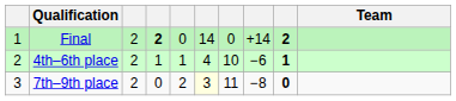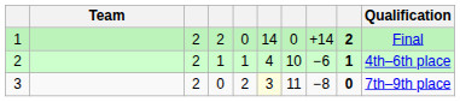 <table class="wikitable" style="text-align:center;">
 <tr>
 <th width=20></th>
-<th width=95>Qualification</th>
+<th width=165>Team</th>
 <th width=20></th>
 <th width=20></th>
 <th width=20></th>
 <th width=20></th>
 <th width=20></th>
 <th width=20></th>
 <th width=20></th>
-<th width=165>Team</th>
+<th width=95>Qualification</th>
 </tr>
 <tr bgcolor=bbf3bb>
 <td>1</td>
-<td><a href='#'>Final</a></td>
+<td align="left"></td>
 <td>2</td>
-<td><strong>2</strong></td>
+<td>2</td>
 <td>0</td>
 <td>14</td>
 <td>0</td>
 <td>+14</td>
 <td><strong>2</strong></td>
-<td align="left"></td>
+<td><a href='#'>Final</a></td>
 </tr>
 <tr bgcolor=ccffcc>
 <td>2</td>
-<td><a href='#'>4th–6th place</a></td>
+<td align="left"></td>
 <td>2</td>
 <td>1</td>
 <td>1</td>
 <td>4</td>
 <td>10</td>
 <td>−6</td>
 <td><strong>1</strong></td>
-<td align="left"></td>
+<td><a href='#'>4th–6th place</a></td>
 </tr>
 <tr>
 <td>3</td>
-<td><a href='#'>7th–9th place</a></td>
+<td align="left"></td>
 <td>2</td>
 <td>0</td>
 <td>2</td>
 <td style="background: lightyellow;">3</td>
 <td>11</td>
 <td>−8</td>
 <td><strong>0</strong></td>
-<td align="left"></td>
+<td><a href='#'>7th–9th place</a></td>
 </tr>
 </table>
